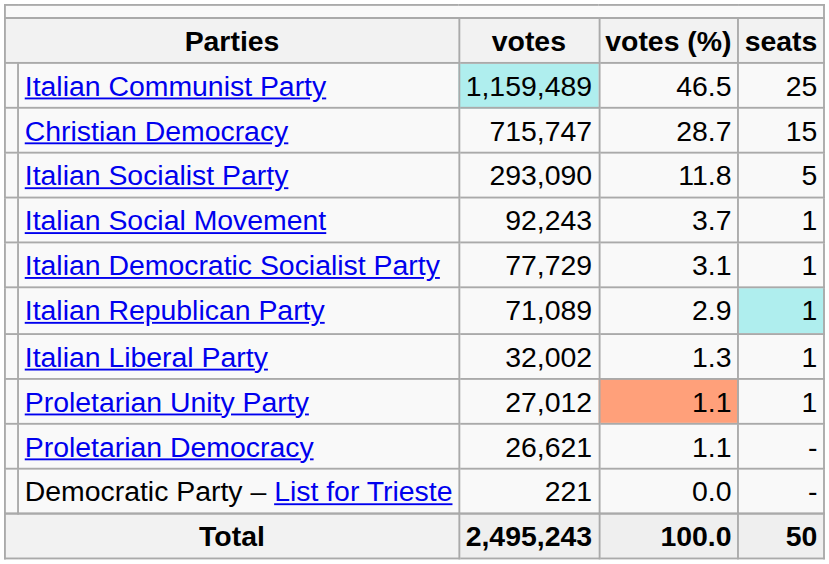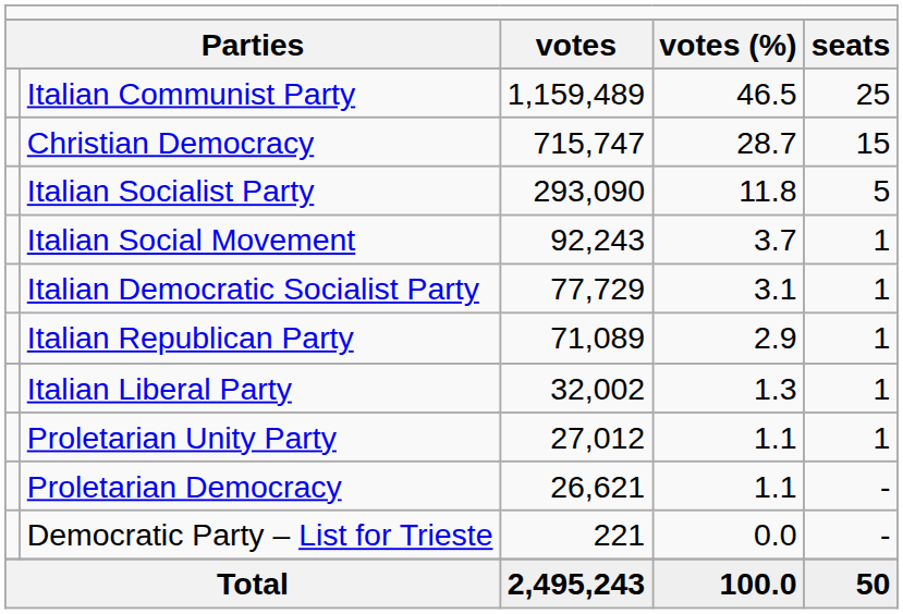 <table class="wikitable" style="font-size:95%">
 <tr>
 <td colspan=5 align=center></td>
 </tr>
 <tr>
 </tr>
 <tr bgcolor="EFEFEF">
 <th colspan=2>Parties</th>
 <th>votes</th>
 <th>votes (%)</th>
 <th>seats</th>
 </tr>
 <tr>
 <td bgcolor=></td>
 <td><a href='#'>Italian Communist Party</a></td>
-<td align=right style="background: paleturquoise;">1,159,489</td>
+<td align=right>1,159,489</td>
 <td align=right>46.5</td>
 <td align=right>25</td>
 </tr>
 <tr>
 <td bgcolor=></td>
 <td><a href='#'>Christian Democracy</a></td>
 <td align=right>715,747</td>
 <td align=right>28.7</td>
 <td align=right>15</td>
 </tr>
 <tr>
 <td bgcolor=></td>
 <td><a href='#'>Italian Socialist Party</a></td>
 <td align=right>293,090</td>
 <td align=right>11.8</td>
 <td align=right>5</td>
 </tr>
 <tr>
 <td bgcolor=></td>
 <td><a href='#'>Italian Social Movement</a></td>
 <td align=right>92,243</td>
 <td align=right>3.7</td>
 <td align=right>1</td>
 </tr>
 <tr>
 <td bgcolor=></td>
 <td><a href='#'>Italian Democratic Socialist Party</a></td>
 <td align=right>77,729</td>
 <td align=right>3.1</td>
 <td align=right>1</td>
 </tr>
 <tr>
 <td bgcolor=></td>
 <td><a href='#'>Italian Republican Party</a></td>
 <td align=right>71,089</td>
 <td align=right>2.9</td>
-<td align=right style="background: paleturquoise;">1</td>
+<td align=right>1</td>
 </tr>
 <tr>
 <td bgcolor=></td>
 <td><a href='#'>Italian Liberal Party</a></td>
 <td align=right>32,002</td>
 <td align=right>1.3</td>
 <td align=right>1</td>
 </tr>
 <tr>
 <td bgcolor=></td>
 <td><a href='#'>Proletarian Unity Party</a></td>
 <td align=right>27,012</td>
-<td align=right style="background: lightsalmon;">1.1</td>
+<td align=right>1.1</td>
 <td align=right>1</td>
 </tr>
 <tr>
 <td bgcolor=></td>
 <td><a href='#'>Proletarian Democracy</a></td>
 <td align=right>26,621</td>
 <td align=right>1.1</td>
 <td align=right>-</td>
 </tr>
 <tr>
 <td></td>
 <td>Democratic Party – <a href='#'>List for Trieste</a></td>
 <td align=right>221</td>
 <td align=right>0.0</td>
 <td align=right>-</td>
 </tr>
 <tr>
 </tr>
 <tr bgcolor="EFEFEF">
 <th colspan=2><strong>Total</strong></th>
 <td align=right><strong>2,495,243</strong></td>
 <td align=right><strong>100.0</strong></td>
 <td align=right><strong>50</strong></td>
 </tr>
 </table>
